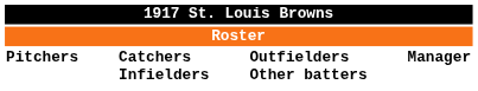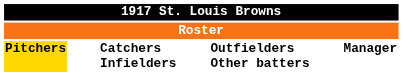 <table class="toccolours" style="font-size: 95%;">
 <tr>
 <th colspan="10" style="background-color: black; color: white; text-align: center;">1917 St. Louis Browns</th>
 </tr>
 <tr>
 <td colspan="10" style="background-color: #F87217; color: white; text-align: center;"><strong>Roster</strong></td>
 </tr>
 <tr>
-<td valign="top"><strong>Pitchers</strong><br>              </td>
+<td valign="top" style="background: gold;"><strong>Pitchers</strong><br>              </td>
 <td width="25px"></td>
 <td valign="top"><strong>Catchers</strong><br>   <strong>Infielders</strong>            </td>
 <td width="25px"></td>
 <td valign="top"><strong>Outfielders</strong><br>        <strong>Other batters</strong>  </td>
 <td width="25px"></td>
 <td valign="top"><strong>Manager</strong><br></td>
 </tr>
 <tr>
 </tr>
 </table>
